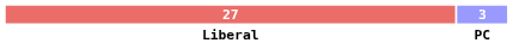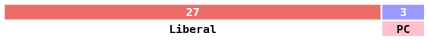 <table style="width:55%; text-align:center;">
 <tr style="color:white;">
 <td style="background:#EA6D6A; width:90.00%;"><strong>27</strong></td>
 <td style="background:#9999FF; width:10.00%;"><strong>3</strong></td>
 </tr>
 <tr>
 <td><span><strong>Liberal</strong></span></td>
-<td><span><strong>PC</strong></span></td>
+<td style="background: pink;"><span><strong>PC</strong></span></td>
 </tr>
 </table>
